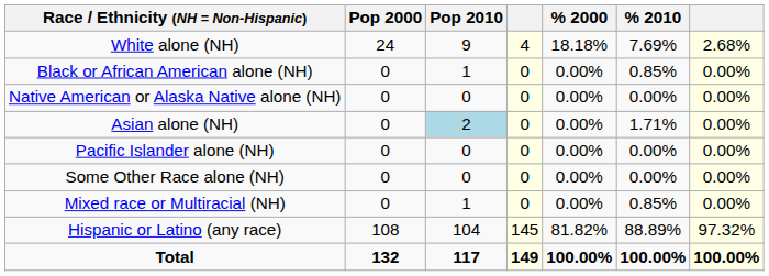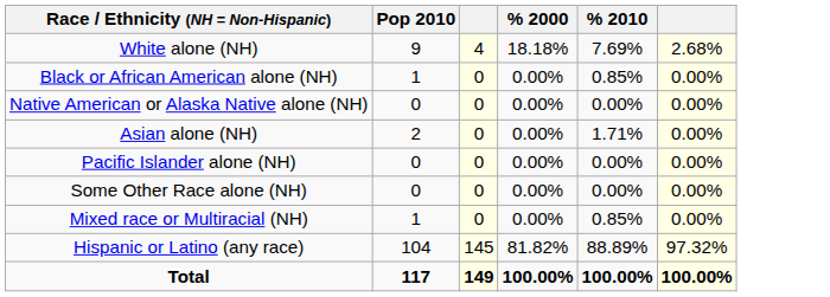 <table class="wikitable" style="text-align:center;">
 <tr>
 <th>Race / Ethnicity <small>(<em>NH = Non-Hispanic</em>)</small></th>
-<th>Pop 2000</th>
 <th>Pop 2010</th>
 <th></th>
 <th>% 2000</th>
 <th>% 2010</th>
 <th></th>
 </tr>
 <tr>
 <td><a href='#'>White</a> alone (NH)</td>
-<td>24</td>
 <td>9</td>
 <td style='background: #ffffe6;'>4</td>
 <td>18.18%</td>
 <td>7.69%</td>
 <td style='background: #ffffe6;'>2.68%</td>
 </tr>
 <tr>
 <td><a href='#'>Black or African American</a> alone (NH)</td>
-<td>0</td>
 <td>1</td>
 <td style='background: #ffffe6;'>0</td>
 <td>0.00%</td>
 <td>0.85%</td>
 <td style='background: #ffffe6;'>0.00%</td>
 </tr>
 <tr>
 <td><a href='#'>Native American</a> or <a href='#'>Alaska Native</a> alone (NH)</td>
 <td>0</td>
-<td>0</td>
 <td style='background: #ffffe6;'>0</td>
 <td>0.00%</td>
 <td>0.00%</td>
 <td style='background: #ffffe6;'>0.00%</td>
 </tr>
 <tr>
 <td><a href='#'>Asian</a> alone (NH)</td>
-<td>0</td>
-<td style="background: lightblue;">2</td>
+<td>2</td>
 <td style='background: #ffffe6;'>0</td>
 <td>0.00%</td>
 <td>1.71%</td>
 <td style='background: #ffffe6;'>0.00%</td>
 </tr>
 <tr>
 <td><a href='#'>Pacific Islander</a> alone (NH)</td>
-<td>0</td>
 <td>0</td>
 <td style='background: #ffffe6;'>0</td>
 <td>0.00%</td>
 <td>0.00%</td>
 <td style='background: #ffffe6;'>0.00%</td>
 </tr>
 <tr>
 <td>Some Other Race alone (NH)</td>
 <td>0</td>
-<td>0</td>
 <td style='background: #ffffe6;'>0</td>
 <td>0.00%</td>
 <td>0.00%</td>
 <td style='background: #ffffe6;'>0.00%</td>
 </tr>
 <tr>
 <td><a href='#'>Mixed race or Multiracial</a> (NH)</td>
-<td>0</td>
 <td>1</td>
 <td style='background: #ffffe6;'>0</td>
 <td>0.00%</td>
 <td>0.85%</td>
 <td style='background: #ffffe6;'>0.00%</td>
 </tr>
 <tr>
 <td><a href='#'>Hispanic or Latino</a> (any race)</td>
-<td>108</td>
 <td>104</td>
 <td style='background: #ffffe6;'>145</td>
 <td>81.82%</td>
 <td>88.89%</td>
 <td style='background: #ffffe6;'>97.32%</td>
 </tr>
 <tr>
 <td><strong>Total</strong></td>
-<td><strong>132</strong></td>
 <td><strong>117</strong></td>
 <td style='background: #ffffe6;'><strong>149</strong></td>
 <td><strong>100.00%</strong></td>
 <td><strong>100.00%</strong></td>
 <td style='background: #ffffe6;'><strong>100.00%</strong></td>
 </tr>
 </table>
